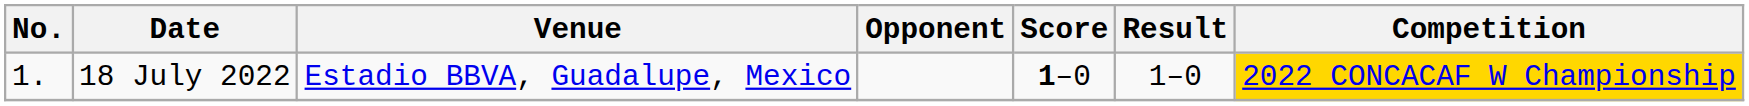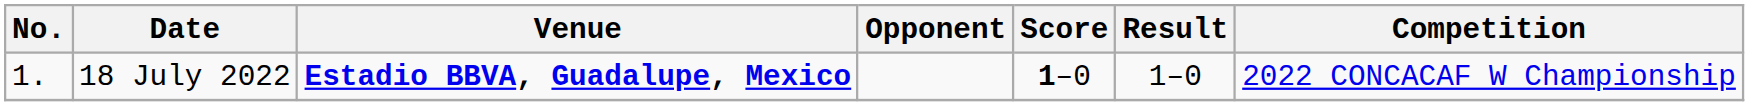 <table class="wikitable">
 <tr>
 <th>No.</th>
 <th>Date</th>
 <th>Venue</th>
 <th>Opponent</th>
 <th>Score</th>
 <th>Result</th>
 <th>Competition</th>
 </tr>
 <tr>
 <td>1.</td>
 <td>18 July 2022</td>
-<td><a href='#'>Estadio BBVA</a>, <a href='#'>Guadalupe</a>, <a href='#'>Mexico</a></td>
+<td><strong><a href='#'>Estadio BBVA</a>, <a href='#'>Guadalupe</a>, <a href='#'>Mexico</a></strong></td>
 <td></td>
 <td align=center><strong>1</strong>–0</td>
 <td align=center>1–0 </td>
-<td style="background: gold;"><a href='#'>2022 CONCACAF W Championship</a></td>
+<td><a href='#'>2022 CONCACAF W Championship</a></td>
 </tr>
 <tr>
 </tr>
 </table>
